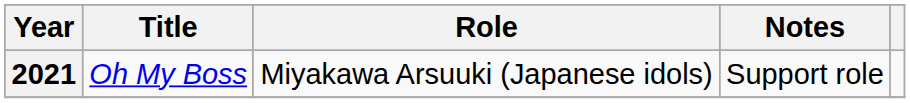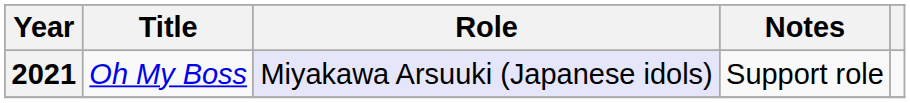 <table class="wikitable sortable plainrowheaders">
 <tr>
 <th scope="col">Year</th>
 <th scope="col">Title</th>
 <th scope="col">Role</th>
 <th scope="col" class="unsortable">Notes</th>
 <th scope="col" class="unsortable"></th>
 </tr>
 <tr>
 <th scope="row" rowspan="1">2021</th>
 <td><em><a href='#'>Oh My Boss</a></em></td>
-<td>Miyakawa Arsuuki (Japanese idols)</td>
+<td style="background: lavender;">Miyakawa Arsuuki (Japanese idols)</td>
 <td>Support role</td>
 <td style="text-align: center;"></td>
 </tr>
 <tr>
 </tr>
 </table>
